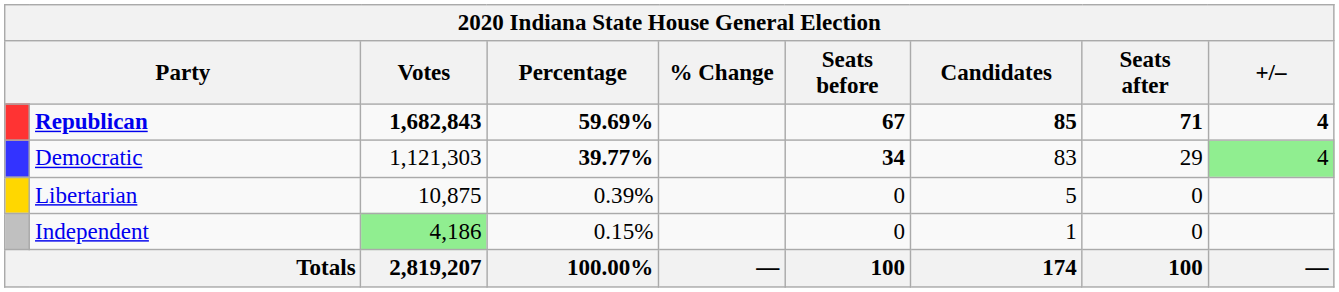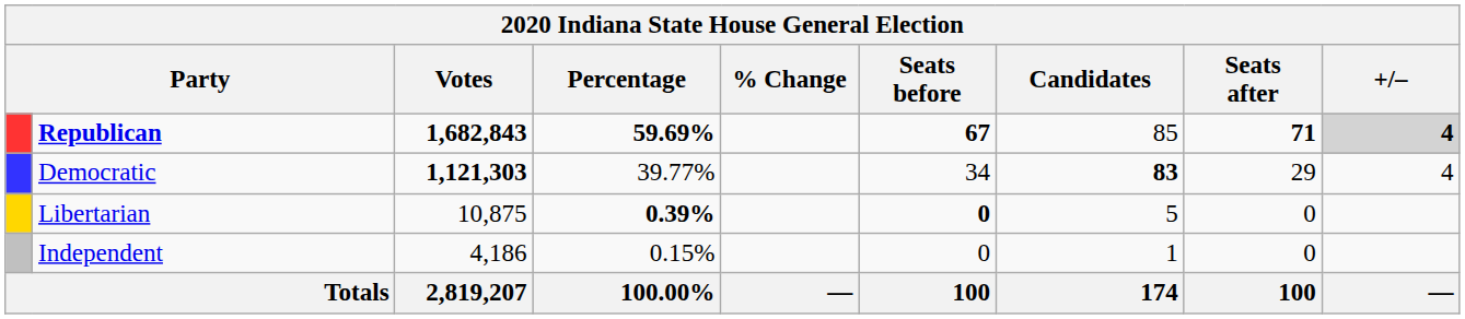 <table class="wikitable">
 <tr>
 <th colspan="9">2020 Indiana State House General Election</th>
 </tr>
 <tr style="text-align:center">
 <th colspan=2 style="width: 15em">Party</th>
 <th style="width: 5em">Votes</th>
 <th style="width: 7em">Percentage</th>
 <th style="width: 5em">% Change</th>
 <th style="width: 5em">Seats<br>before</th>
 <th style="width: 7em">Candidates</th>
 <th style="width: 5em">Seats<br>after</th>
 <th style="width: 5em">+/–</th>
 </tr>
 <tr>
 <th style="background-color:#FF3333; width: 3px"></th>
 <td style="width: 130px" ><strong><a href='#'>Republican</a></strong></td>
 <td align="right" ><strong>1,682,843</strong></td>
 <td align="right" ><strong>59.69%</strong></td>
 <td style="text-align:right"></td>
 <td align="right" ><strong>67</strong></td>
-<td align="right" ><strong>85</strong></td>
+<td align="right" >85</td>
 <td align="right" ><strong>71</strong></td>
-<td align="right" ><strong>4</strong></td>
+<td align="right"  style="background: lightgrey;"><strong>4</strong></td>
 </tr>
 <tr>
 <th style="background-color:#3333FF; width: 3px"></th>
 <td style="width: 130px"><a href='#'>Democratic</a></td>
-<td align="right">1,121,303</td>
-<td align="right"><strong>39.77%</strong></td>
+<td align="right"><strong>1,121,303</strong></td>
+<td align="right">39.77%</td>
 <td align="right"></td>
-<td align="right"><strong>34</strong></td>
-<td align="right">83</td>
+<td align="right">34</td>
+<td align="right"><strong>83</strong></td>
 <td align="right">29</td>
-<td align="right" style="background: lightgreen;">4</td>
+<td align="right">4</td>
 </tr>
 <tr>
 <th style="background-color:gold; width: 3px"></th>
 <td style="width: 130px"><a href='#'>Libertarian</a></td>
 <td style="text-align:right">10,875</td>
-<td style="text-align:right">0.39%</td>
+<td style="text-align:right"><strong>0.39%</strong></td>
 <td style="text-align:right"></td>
-<td style="text-align:right">0</td>
+<td style="text-align:right"><strong>0</strong></td>
 <td style="text-align:right">5</td>
 <td style="text-align:right">0</td>
 <td style="text-align:right"></td>
 </tr>
 <tr>
 <th style="background-color:silver; width: 3px"></th>
 <td style="width: 130px"><a href='#'>Independent</a></td>
-<td style="background: lightgreen; text-align:right">4,186</td>
+<td style="text-align:right">4,186</td>
 <td style="text-align:right">0.15%</td>
 <td style="text-align:right"></td>
 <td style="text-align:right">0</td>
 <td style="text-align:right">1</td>
 <td style="text-align:right">0</td>
 <td style="text-align:right"></td>
 </tr>
 <tr>
 <th colspan="2" style="text-align:right">Totals</th>
 <th style="text-align:right">2,819,207</th>
 <th style="text-align:right">100.00%</th>
 <th style="text-align:right">—</th>
 <th style="text-align:right">100</th>
 <th style="text-align:right">174</th>
 <th style="text-align:right">100</th>
 <th style="text-align:right">—</th>
 </tr>
 </table>
